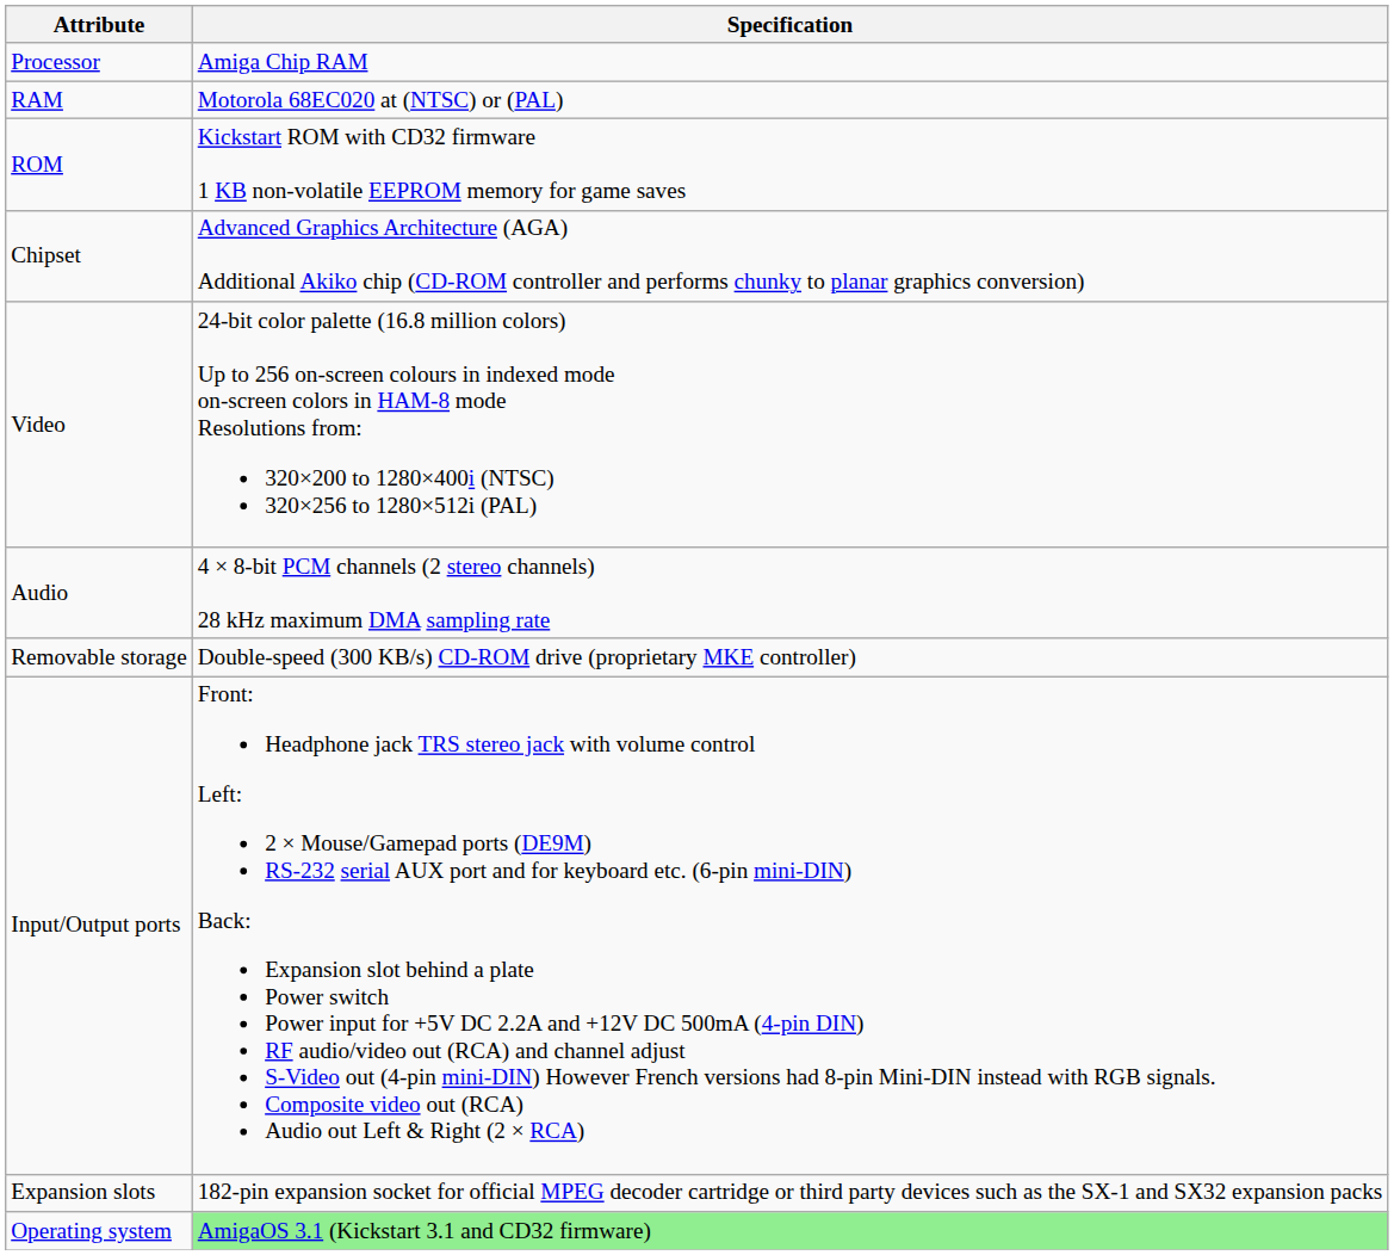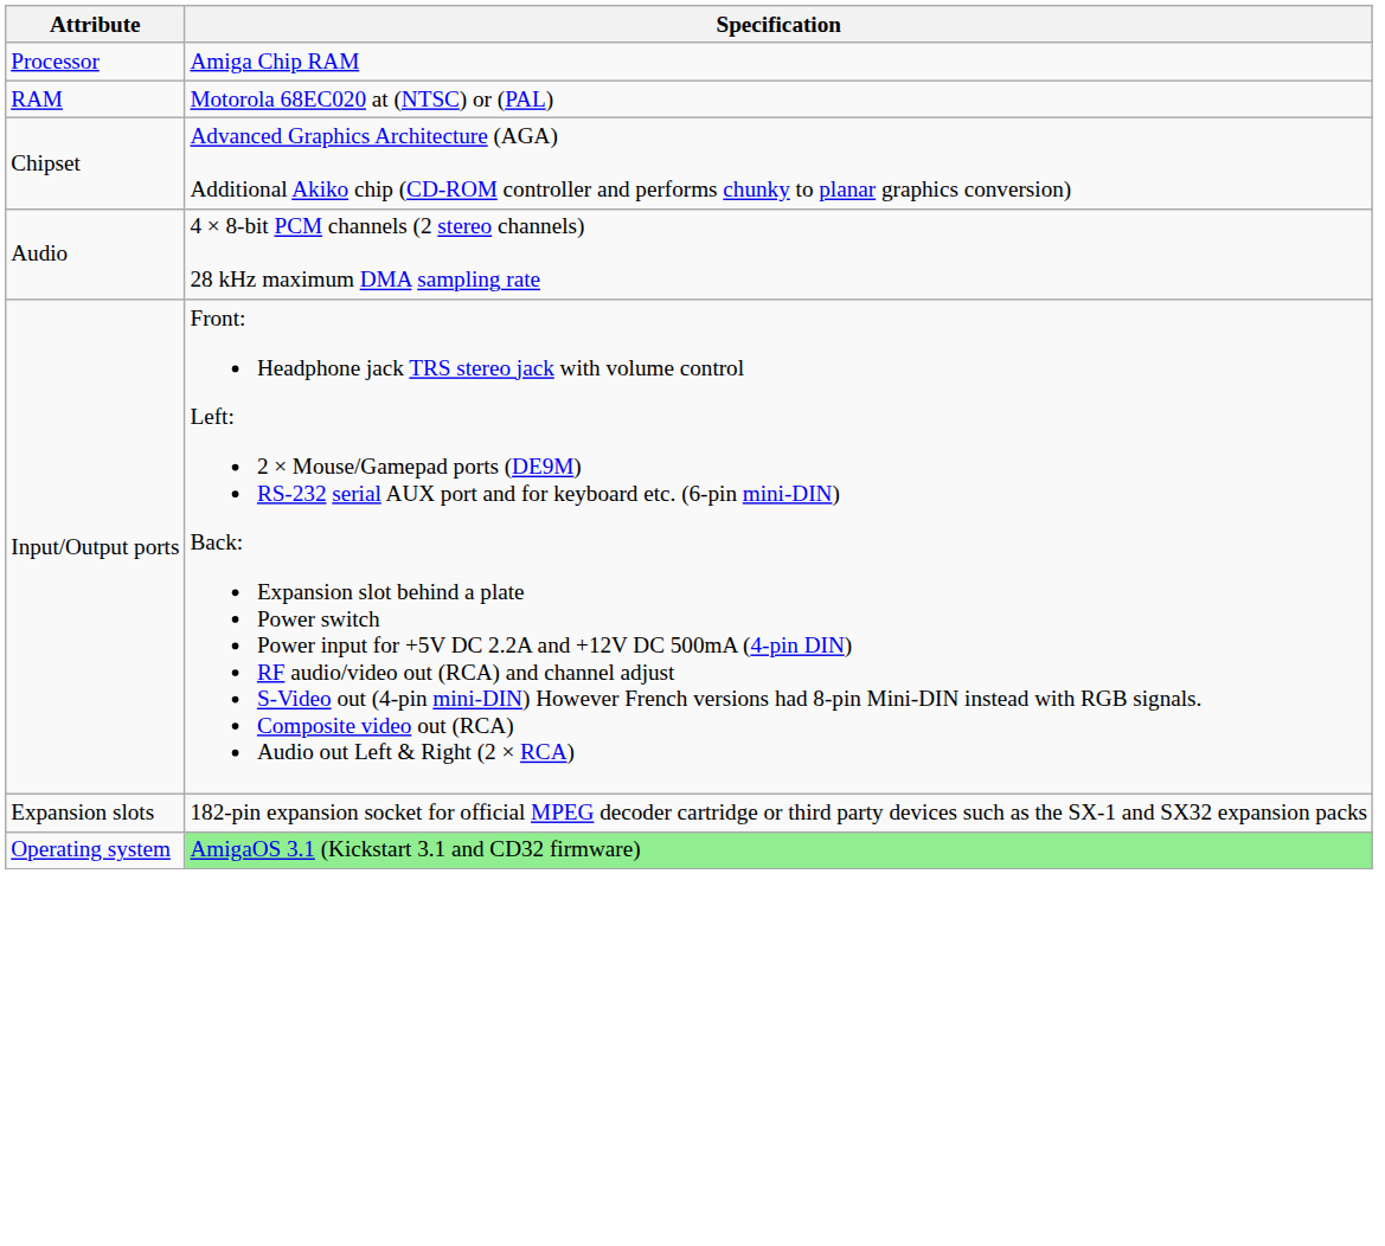 <table class="wikitable" style="font-size: 85%;">
 <tr>
 <th>Attribute</th>
 <th>Specification</th>
 </tr>
 <tr>
 <td><a href='#'>Processor</a></td>
 <td> <a href='#'>Amiga Chip RAM</a></td>
 </tr>
 <tr>
 <td><a href='#'>RAM</a></td>
 <td><a href='#'>Motorola 68EC020</a> at  (<a href='#'>NTSC</a>) or  (<a href='#'>PAL</a>)</td>
 </tr>
 <tr>
-<td><a href='#'>ROM</a></td>
-<td> <a href='#'>Kickstart</a> ROM with CD32 firmware<br><br>1 <a href='#'>KB</a> non-volatile <a href='#'>EEPROM</a> memory for game saves</td>
-</tr>
-<tr>
 <td>Chipset</td>
 <td><a href='#'>Advanced Graphics Architecture</a> (AGA)<br><br>Additional <a href='#'>Akiko</a> chip (<a href='#'>CD-ROM</a> controller and performs <a href='#'>chunky</a> to <a href='#'>planar</a> graphics conversion)</td>
 </tr>
 <tr>
-<td>Video</td>
-<td>24-bit color palette (16.8 million colors)<br><br>Up to 256 on-screen colours in indexed mode<br>  on-screen colors in <a href='#'>HAM-8</a> mode<br>Resolutions from:<ul><li>320×200 to 1280×400<a href='#'>i</a> (NTSC)</li><li>320×256 to 1280×512i (PAL)</li></ul></td>
-</tr>
-<tr>
 <td>Audio</td>
 <td>4 × 8-bit <a href='#'>PCM</a> channels (2 <a href='#'>stereo</a> channels)<br><br>28 kHz maximum <a href='#'>DMA</a> <a href='#'>sampling rate</a></td>
-</tr>
-<tr>
-<td>Removable storage</td>
-<td>Double-speed (300 KB/s) <a href='#'>CD-ROM</a> drive (proprietary <a href='#'>MKE</a> controller)</td>
 </tr>
 <tr>
 <td>Input/Output ports</td>
 <td>Front:<br><ul><li>Headphone jack  <a href='#'>TRS stereo jack</a> with volume control</li></ul>Left:<ul><li>2 × Mouse/Gamepad ports (<a href='#'>DE9M</a>)</li><li><a href='#'>RS-232</a> <a href='#'>serial</a> AUX port and for keyboard etc. (6-pin <a href='#'>mini-DIN</a>)</li></ul>Back:<ul><li>Expansion slot behind a plate</li><li>Power switch</li><li>Power input for +5V DC 2.2A and +12V DC 500mA (<a href='#'>4-pin DIN</a>)</li><li><a href='#'>RF</a> audio/video out (RCA) and channel adjust</li><li><a href='#'>S-Video</a> out (4-pin <a href='#'>mini-DIN</a>) However French versions had 8-pin Mini-DIN instead with RGB signals.</li><li><a href='#'>Composite video</a> out (RCA)</li><li>Audio out Left & Right (2 × <a href='#'>RCA</a>)</li></ul></td>
 </tr>
 <tr>
 <td>Expansion slots</td>
 <td>182-pin expansion socket for official <a href='#'>MPEG</a> decoder cartridge or third party devices such as the SX-1 and SX32 expansion packs</td>
 </tr>
 <tr>
 <td><a href='#'>Operating system</a></td>
 <td style="background: lightgreen;"><a href='#'>AmigaOS 3.1</a> (Kickstart 3.1 and CD32 firmware)</td>
 </tr>
 </table>
